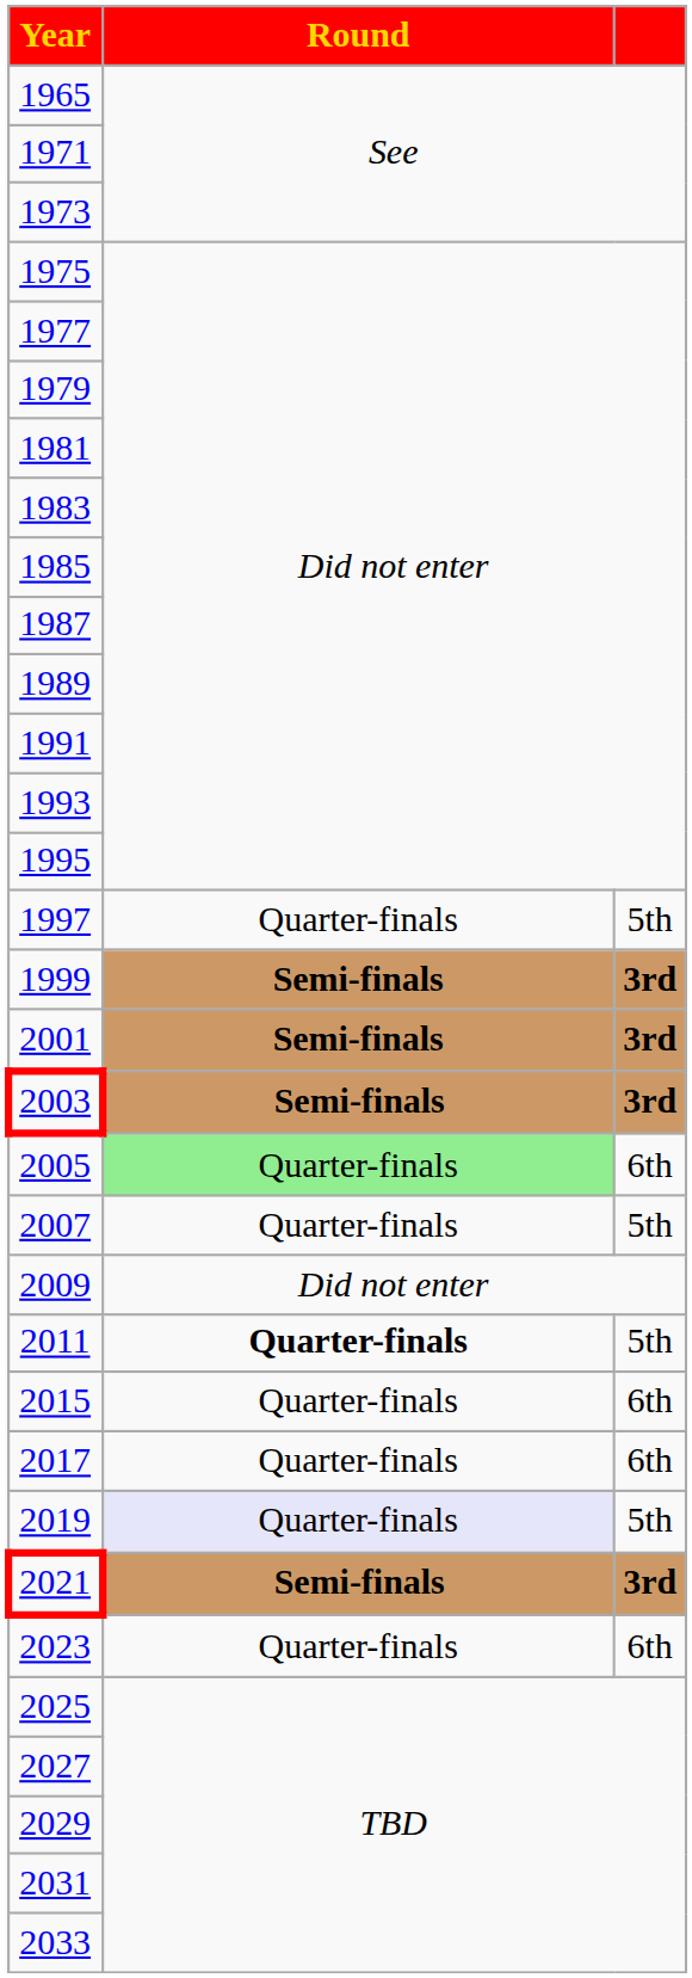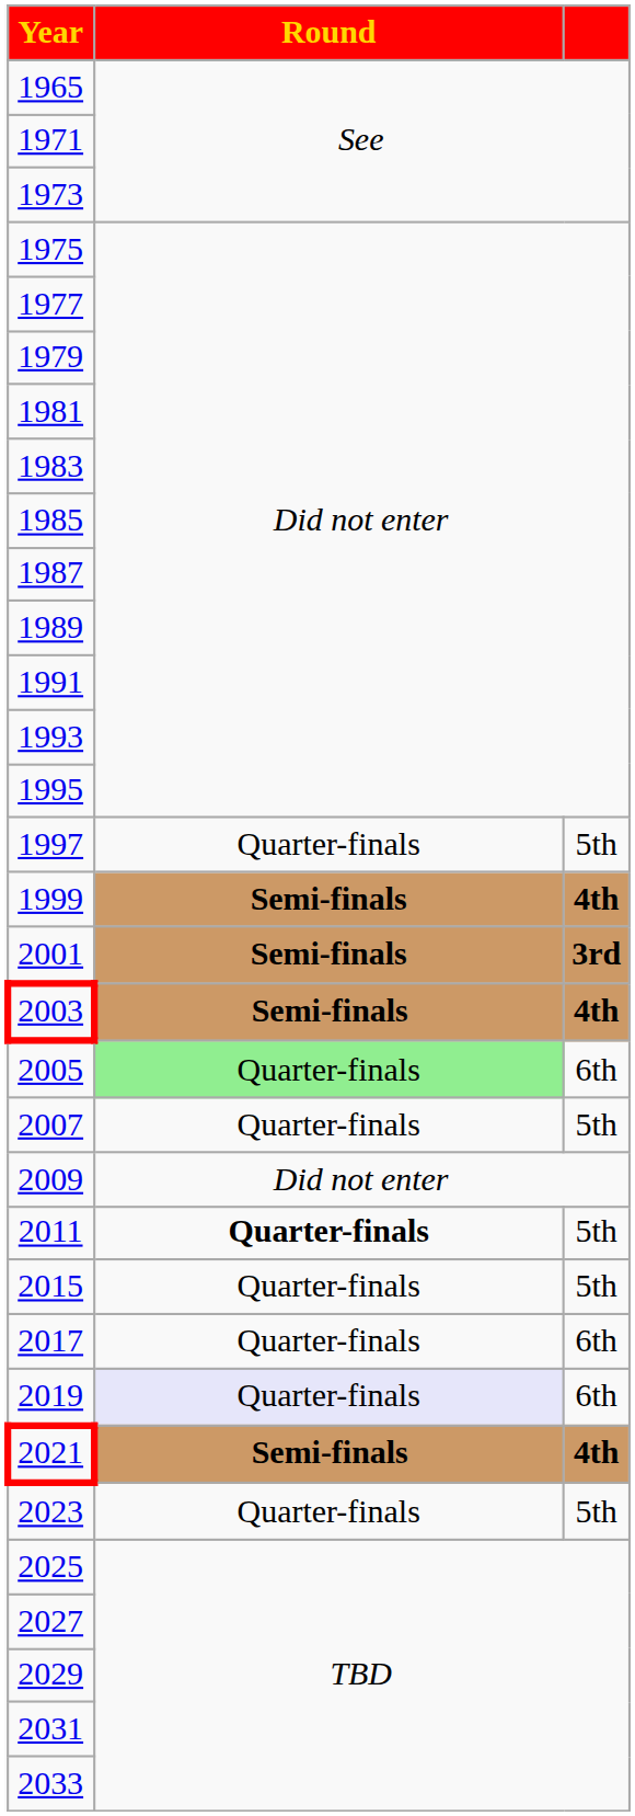 <table class="wikitable" style="text-align: center; font-size:90%">
 <tr style="color:gold;">
 <th style="background:#FF0000;">Year</th>
 <th style="background:#FF0000; width:200px">Round</th>
 <th style="background:#FF0000;"></th>
 </tr>
 <tr>
 <td><a href='#'>1965</a></td>
 <td colspan="2" rowspan="3"><em>See </em></td>
 </tr>
 <tr>
 <td><a href='#'>1971</a></td>
 </tr>
 <tr>
 <td><a href='#'>1973</a></td>
 </tr>
 <tr>
 <td><a href='#'>1975</a></td>
 <td colspan="2" rowspan="11"><em>Did not enter</em></td>
 </tr>
 <tr>
 <td><a href='#'>1977</a></td>
 </tr>
 <tr>
 <td><a href='#'>1979</a></td>
 </tr>
 <tr>
 <td><a href='#'>1981</a></td>
 </tr>
 <tr>
 <td><a href='#'>1983</a></td>
 </tr>
 <tr>
 <td><a href='#'>1985</a></td>
 </tr>
 <tr>
 <td><a href='#'>1987</a></td>
 </tr>
 <tr>
 <td><a href='#'>1989</a></td>
 </tr>
 <tr>
 <td><a href='#'>1991</a></td>
 </tr>
 <tr>
 <td><a href='#'>1993</a></td>
 </tr>
 <tr>
 <td><a href='#'>1995</a></td>
 </tr>
 <tr>
 <td><a href='#'>1997</a></td>
 <td>Quarter-finals</td>
 <td>5th</td>
 </tr>
 <tr>
 <td><a href='#'>1999</a></td>
 <td bgcolor="cc9966"><strong>Semi-finals</strong></td>
-<td bgcolor="cc9966"><strong>3rd</strong></td>
+<td bgcolor="cc9966"><strong>4th</strong></td>
 </tr>
 <tr>
 <td><a href='#'>2001</a></td>
 <td bgcolor="cc9966"><strong>Semi-finals</strong></td>
 <td bgcolor="cc9966"><strong>3rd</strong></td>
 </tr>
 <tr>
 <td style="border: 3px solid red"><a href='#'>2003</a></td>
 <td bgcolor="cc9966"><strong>Semi-finals</strong></td>
-<td bgcolor="cc9966"><strong>3rd</strong></td>
+<td bgcolor="cc9966"><strong>4th</strong></td>
 </tr>
 <tr>
 <td><a href='#'>2005</a></td>
 <td style="background: lightgreen;">Quarter-finals</td>
 <td>6th</td>
 </tr>
 <tr>
 <td><a href='#'>2007</a></td>
 <td>Quarter-finals</td>
 <td>5th</td>
 </tr>
 <tr>
 <td><a href='#'>2009</a></td>
 <td colspan="2"><em>Did not enter</em></td>
 </tr>
 <tr>
 <td><a href='#'>2011</a></td>
 <td><strong>Quarter-finals</strong></td>
 <td>5th</td>
 </tr>
 <tr>
 <td><a href='#'>2015</a></td>
 <td>Quarter-finals</td>
-<td>6th</td>
+<td>5th</td>
 </tr>
 <tr>
 <td><a href='#'>2017</a></td>
 <td>Quarter-finals</td>
 <td>6th</td>
 </tr>
 <tr>
 <td><a href='#'>2019</a></td>
 <td style="background: lavender;">Quarter-finals</td>
-<td>5th</td>
+<td>6th</td>
 </tr>
 <tr>
 <td style="border: 3px solid red"><a href='#'>2021</a></td>
 <td bgcolor="cc9966"><strong>Semi-finals</strong></td>
-<td bgcolor="cc9966"><strong>3rd</strong></td>
+<td bgcolor="cc9966"><strong>4th</strong></td>
 </tr>
 <tr>
 <td><a href='#'>2023</a></td>
 <td>Quarter-finals</td>
-<td>6th</td>
+<td>5th</td>
 </tr>
 <tr>
 <td><a href='#'>2025</a></td>
 <td colspan="2" rowspan="5"><em>TBD</em></td>
 </tr>
 <tr>
 <td><a href='#'>2027</a></td>
 </tr>
 <tr>
 <td><a href='#'>2029</a></td>
 </tr>
 <tr>
 <td><a href='#'>2031</a></td>
 </tr>
 <tr>
 <td><a href='#'>2033</a></td>
 </tr>
 </table>
